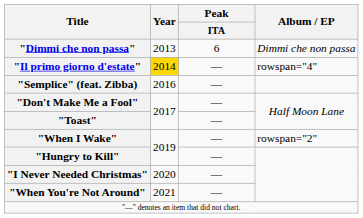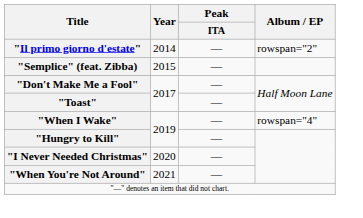 <table class="wikitable plainrowheaders">
 <tr>
 <th scope="col" rowspan=2>Title</th>
 <th scope="col" rowspan=2>Year</th>
 <th scope="col" colspan=1>Peak</th>
 <th scope="col" rowspan=2>Album / EP</th>
 </tr>
 <tr>
 <th scope="col" style="width:7em;font-size:90%;">ITA<br></th>
 </tr>
 <tr>
-<th scope="row">"<a href='#'>Dimmi che non passa</a>"</th>
-<td>2013</td>
-<td align=center>6</td>
-<td><em>Dimmi che non passa</em></td>
-</tr>
-<tr>
 <th scope="row">"<a href='#'>Il primo giorno d'estate</a>"</th>
-<td style="background: gold;">2014</td>
+<td>2014</td>
 <td align=center>—</td>
-<td>rowspan="4" </td>
+<td>rowspan="2" </td>
 </tr>
 <tr>
 <th scope="row">"Semplice" (feat. Zibba)</th>
-<td>2016</td>
+<td>2015</td>
 <td align=center>—</td>
 </tr>
 <tr>
 <th scope="row">"Don't Make Me a Fool"</th>
 <td rowspan="2">2017</td>
 <td align=center>—</td>
 <td rowspan="2" align=center><em>Half Moon Lane</em></td>
 </tr>
 <tr>
 <th scope="row">"Toast"</th>
 <td align=center>—</td>
 </tr>
 <tr>
 <th scope="row">"When I Wake"</th>
 <td rowspan="2">2019</td>
 <td align=center>—</td>
-<td>rowspan="2" </td>
+<td>rowspan="4" </td>
 </tr>
 <tr>
 <th scope="row">"Hungry to Kill"</th>
 <td align=center>—</td>
 </tr>
 <tr>
 <th scope="row">"I Never Needed Christmas"</th>
 <td>2020</td>
 <td align=center>—</td>
 </tr>
 <tr>
 <th scope="row">"When You're Not Around"</th>
 <td>2021</td>
 <td align=center>—</td>
 </tr>
 <tr>
 <td colspan="4" style="text-align:center; font-size:8pt;">"—" denotes an item that did not chart.</td>
 </tr>
 </table>
